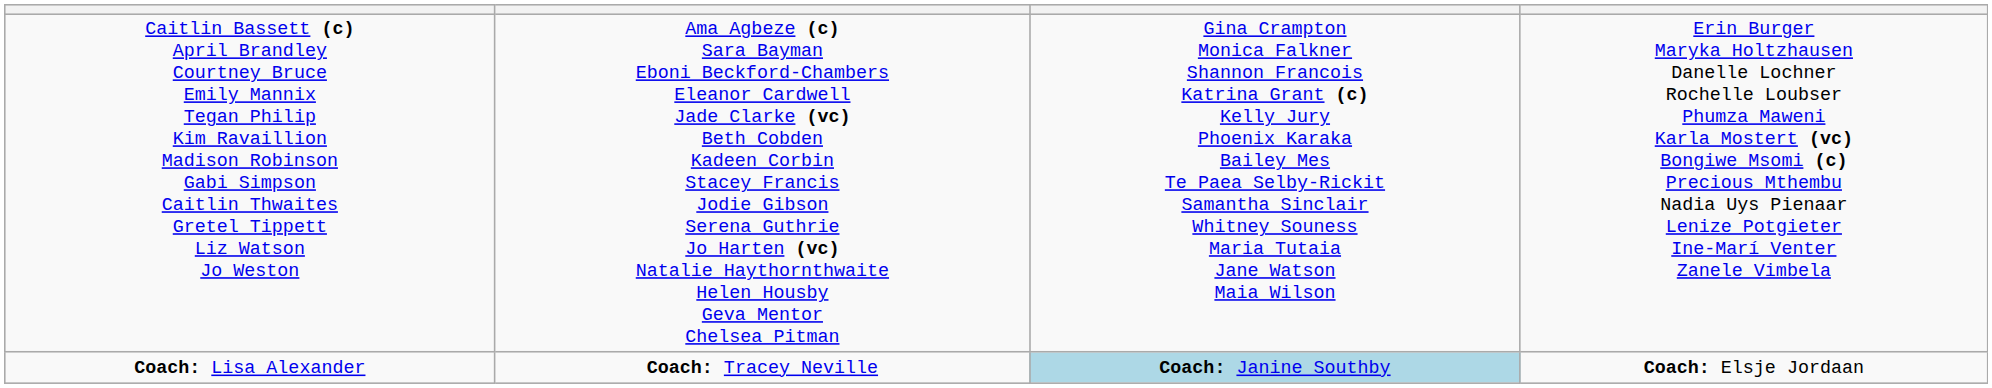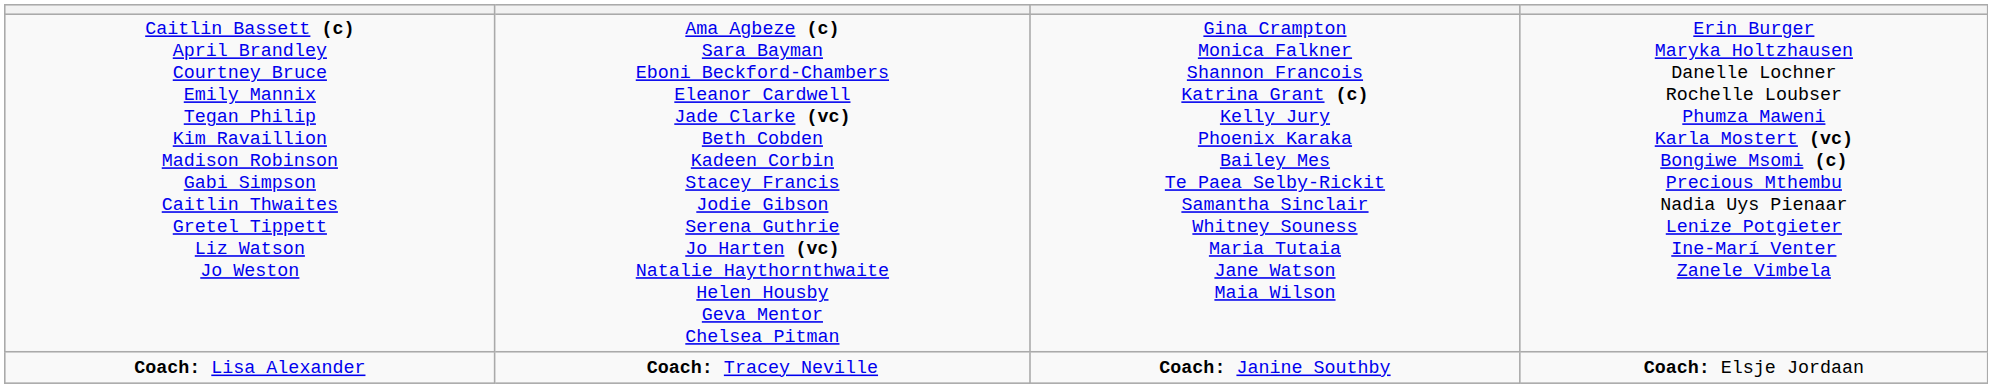 <table class=wikitable width=100% style="text-align:center; font-size:90%">
 <tr>
 <th></th>
 <th></th>
 <th></th>
 <th></th>
 </tr>
 <tr valign=top>
 <td><a href='#'>Caitlin Bassett</a> <strong>(c)</strong><br><a href='#'>April Brandley</a><br><a href='#'>Courtney Bruce</a><br><a href='#'>Emily Mannix</a><br><a href='#'>Tegan Philip</a><br><a href='#'>Kim Ravaillion</a><br><a href='#'>Madison Robinson</a><br><a href='#'>Gabi Simpson</a><br><a href='#'>Caitlin Thwaites</a><br><a href='#'>Gretel Tippett</a><br><a href='#'>Liz Watson</a><br><a href='#'>Jo Weston</a></td>
 <td><a href='#'>Ama Agbeze</a> <strong>(c)</strong><br><a href='#'>Sara Bayman</a><br><a href='#'>Eboni Beckford-Chambers</a><br><a href='#'>Eleanor Cardwell</a><br><a href='#'>Jade Clarke</a> <strong>(vc)</strong><br><a href='#'>Beth Cobden</a><br><a href='#'>Kadeen Corbin</a><br><a href='#'>Stacey Francis</a><br><a href='#'>Jodie Gibson</a><br><a href='#'>Serena Guthrie</a><br><a href='#'>Jo Harten</a> <strong>(vc)</strong><br><a href='#'>Natalie Haythornthwaite</a><br><a href='#'>Helen Housby</a><br><a href='#'>Geva Mentor</a><br><a href='#'>Chelsea Pitman</a></td>
 <td><a href='#'>Gina Crampton</a><br><a href='#'>Monica Falkner</a><br><a href='#'>Shannon Francois</a><br><a href='#'>Katrina Grant</a> <strong>(c)</strong><br><a href='#'>Kelly Jury</a><br><a href='#'>Phoenix Karaka</a><br><a href='#'>Bailey Mes</a><br><a href='#'>Te Paea Selby-Rickit</a><br><a href='#'>Samantha Sinclair</a><br><a href='#'>Whitney Souness</a><br><a href='#'>Maria Tutaia</a><br><a href='#'>Jane Watson</a><br><a href='#'>Maia Wilson</a></td>
 <td><a href='#'>Erin Burger</a><br><a href='#'>Maryka Holtzhausen</a><br>Danelle Lochner<br>Rochelle Loubser<br><a href='#'>Phumza Maweni</a><br><a href='#'>Karla Mostert</a> <strong>(vc)</strong><br><a href='#'>Bongiwe Msomi</a> <strong>(c)</strong><br><a href='#'>Precious Mthembu</a><br>Nadia Uys Pienaar<br><a href='#'>Lenize Potgieter</a><br><a href='#'>Ine-Marí Venter</a><br><a href='#'>Zanele Vimbela</a></td>
 </tr>
 <tr>
 <td> <strong>Coach:</strong> <a href='#'>Lisa Alexander</a></td>
 <td> <strong>Coach:</strong> <a href='#'>Tracey Neville</a></td>
-<td style="background: lightblue;"> <strong>Coach:</strong> <a href='#'>Janine Southby</a></td>
+<td> <strong>Coach:</strong> <a href='#'>Janine Southby</a></td>
 <td> <strong>Coach:</strong> Elsje Jordaan</td>
 </tr>
 </table>
